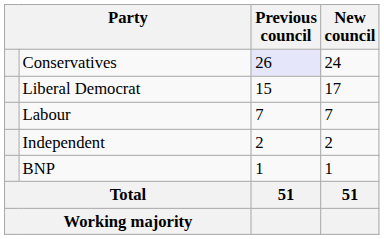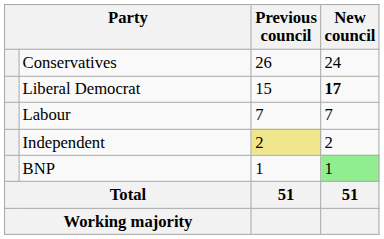 <table class="wikitable">
 <tr>
 <th valign=top colspan="2" style="width: 230px">Party</th>
 <th valign=top style="width: 30px">Previous council</th>
 <th valign=top style="width: 30px">New council</th>
 </tr>
 <tr>
 <th style="background-color: "></th>
 <td>Conservatives</td>
-<td style="background: lavender;">26</td>
+<td>26</td>
 <td>24</td>
 </tr>
 <tr>
 <th style="background-color: "></th>
 <td>Liberal Democrat</td>
 <td>15</td>
-<td>17</td>
+<td><strong>17</strong></td>
 </tr>
 <tr>
 <th style="background-color: "></th>
 <td>Labour</td>
 <td>7</td>
 <td>7</td>
 </tr>
 <tr>
 <th style="background-color: "></th>
 <td>Independent</td>
-<td>2</td>
+<td style="background: khaki;">2</td>
 <td>2</td>
 </tr>
 <tr>
 <th style="background-color: "></th>
 <td>BNP</td>
 <td>1</td>
-<td>1</td>
+<td style="background: lightgreen;">1</td>
 </tr>
 <tr>
 <th colspan=2>Total</th>
 <th style="text-align: center">51</th>
 <th colspan=3>51</th>
 </tr>
 <tr>
 <th colspan=2>Working majority</th>
 <th></th>
 <th></th>
 </tr>
 </table>
